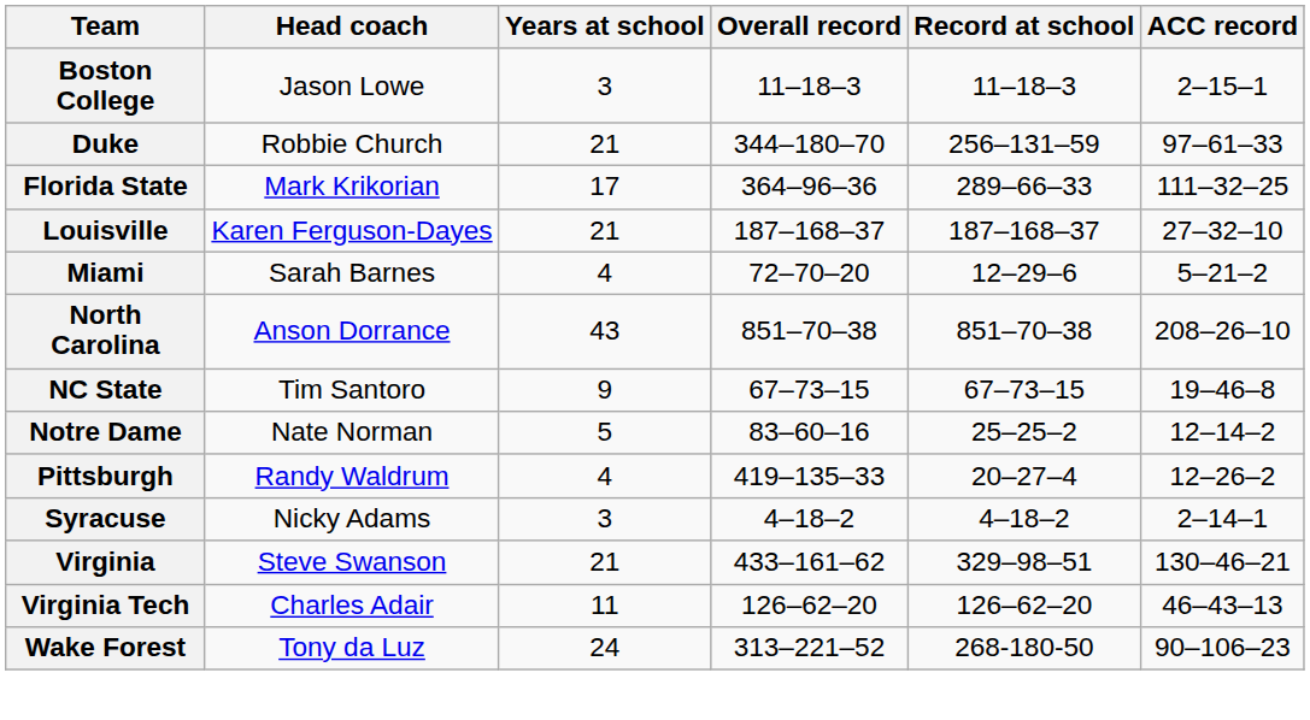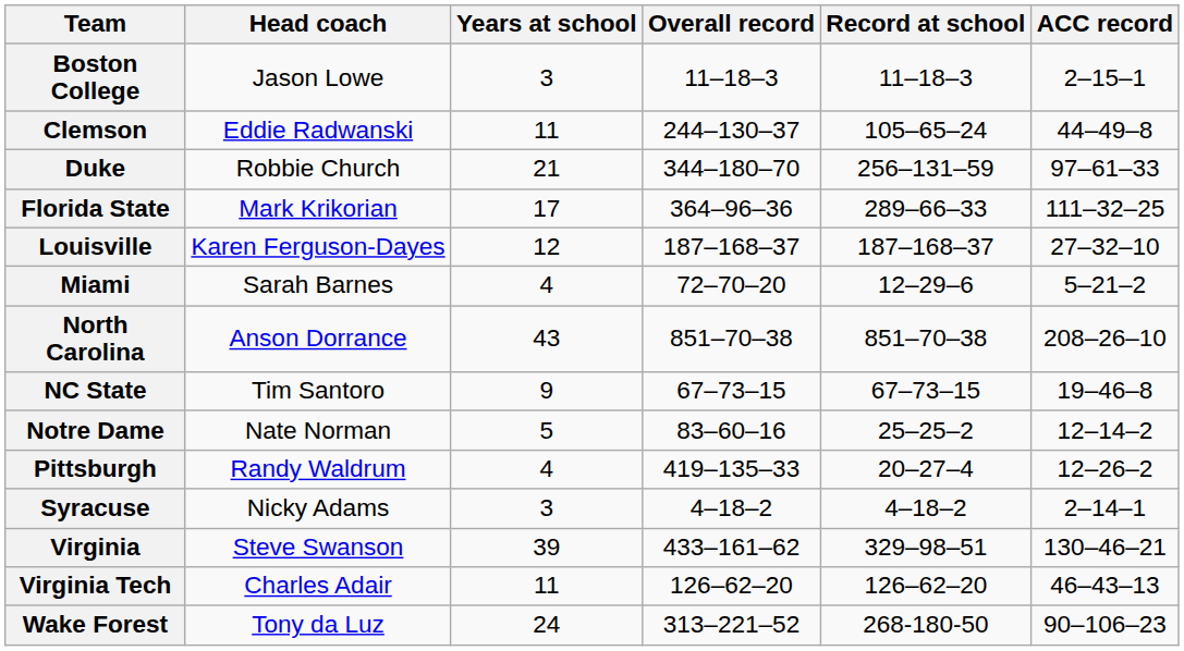 <table class="wikitable sortable" style="text-align: center;">
 <tr>
 <th width="110">Team</th>
 <th>Head coach</th>
 <th>Years at school</th>
 <th>Overall record</th>
 <th>Record at school</th>
 <th>ACC record</th>
 </tr>
 <tr>
 <th>Boston College</th>
 <td>Jason Lowe</td>
 <td>3</td>
 <td>11–18–3</td>
 <td>11–18–3</td>
 <td>2–15–1</td>
+</tr>
+<tr>
+<th>Clemson</th>
+<td><a href='#'>Eddie Radwanski</a></td>
+<td>11</td>
+<td>244–130–37</td>
+<td>105–65–24</td>
+<td>44–49–8</td>
 </tr>
 <tr>
 <th>Duke</th>
 <td>Robbie Church</td>
 <td>21</td>
 <td>344–180–70</td>
 <td>256–131–59</td>
 <td>97–61–33</td>
 </tr>
 <tr>
 <th>Florida State</th>
 <td><a href='#'>Mark Krikorian</a></td>
 <td>17</td>
 <td>364–96–36</td>
 <td>289–66–33</td>
 <td>111–32–25</td>
 </tr>
 <tr>
 <th>Louisville</th>
 <td><a href='#'>Karen Ferguson-Dayes</a></td>
-<td>21</td>
+<td>12</td>
 <td>187–168–37</td>
 <td>187–168–37</td>
 <td>27–32–10</td>
 </tr>
 <tr>
 <th>Miami</th>
 <td>Sarah Barnes</td>
 <td>4</td>
 <td>72–70–20</td>
 <td>12–29–6</td>
 <td>5–21–2</td>
 </tr>
 <tr>
 <th>North Carolina</th>
 <td><a href='#'>Anson Dorrance</a></td>
 <td>43</td>
 <td>851–70–38</td>
 <td>851–70–38</td>
 <td>208–26–10</td>
 </tr>
 <tr>
 <th>NC State</th>
 <td>Tim Santoro</td>
 <td>9</td>
 <td>67–73–15</td>
 <td>67–73–15</td>
 <td>19–46–8</td>
 </tr>
 <tr>
 <th>Notre Dame</th>
 <td>Nate Norman</td>
 <td>5</td>
 <td>83–60–16</td>
 <td>25–25–2</td>
 <td>12–14–2</td>
 </tr>
 <tr>
 <th>Pittsburgh</th>
 <td><a href='#'>Randy Waldrum</a></td>
 <td>4</td>
 <td>419–135–33</td>
 <td>20–27–4</td>
 <td>12–26–2</td>
 </tr>
 <tr>
 <th>Syracuse</th>
 <td>Nicky Adams</td>
 <td>3</td>
 <td>4–18–2</td>
 <td>4–18–2</td>
 <td>2–14–1</td>
 </tr>
 <tr>
 <th>Virginia</th>
 <td><a href='#'>Steve Swanson</a></td>
-<td>21</td>
+<td>39</td>
 <td>433–161–62</td>
 <td>329–98–51</td>
 <td>130–46–21</td>
 </tr>
 <tr>
 <th>Virginia Tech</th>
 <td><a href='#'>Charles Adair</a></td>
 <td>11</td>
 <td>126–62–20</td>
 <td>126–62–20</td>
 <td>46–43–13</td>
 </tr>
 <tr>
 <th>Wake Forest</th>
 <td><a href='#'>Tony da Luz</a></td>
 <td>24</td>
 <td>313–221–52</td>
 <td>268-180-50</td>
 <td>90–106–23</td>
 </tr>
 </table>
